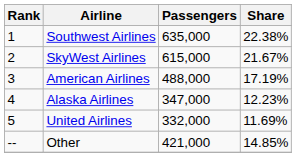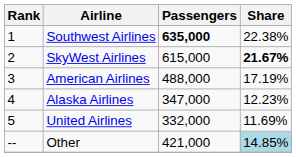 <table class="wikitable sortable" style="font-size: 95%">
 <tr>
 <th>Rank</th>
 <th>Airline</th>
 <th>Passengers</th>
 <th>Share</th>
 </tr>
 <tr>
 <td>1</td>
 <td><a href='#'>Southwest Airlines</a></td>
-<td>635,000</td>
+<td><strong>635,000</strong></td>
 <td>22.38%</td>
 </tr>
 <tr>
 <td>2</td>
 <td><a href='#'>SkyWest Airlines</a></td>
 <td>615,000</td>
-<td>21.67%</td>
+<td><strong>21.67%</strong></td>
 </tr>
 <tr>
 <td>3</td>
 <td><a href='#'>American Airlines</a></td>
 <td>488,000</td>
 <td>17.19%</td>
 </tr>
 <tr>
 <td>4</td>
 <td><a href='#'>Alaska Airlines</a></td>
 <td>347,000</td>
 <td>12.23%</td>
 </tr>
 <tr>
 <td>5</td>
 <td><a href='#'>United Airlines</a></td>
 <td>332,000</td>
 <td>11.69%</td>
 </tr>
 <tr>
 <td>--</td>
 <td>Other</td>
 <td>421,000</td>
-<td>14.85%</td>
+<td style="background: lightblue;">14.85%</td>
 </tr>
 <tr>
 </tr>
 </table>
